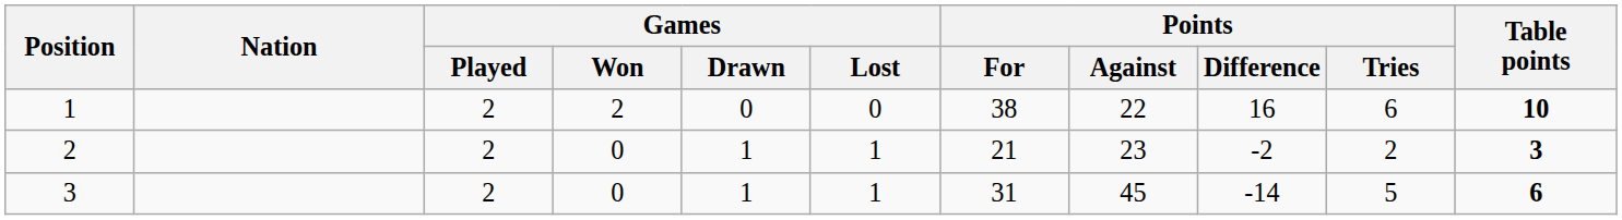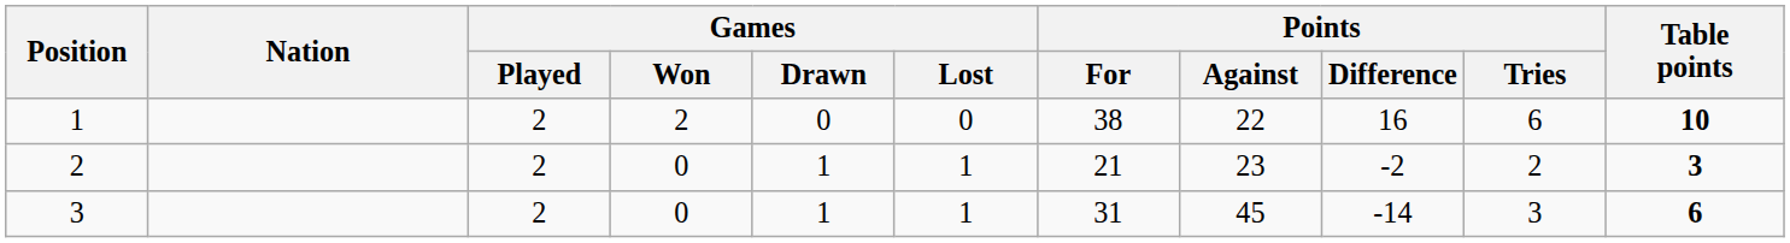 <table class="wikitable" style="text-align: center;">
 <tr>
 <th rowspan=2 width="8%">Position</th>
 <th rowspan=2 width="18%">Nation</th>
 <th colspan=4 width="32%">Games</th>
 <th colspan=4 width="32%">Points</th>
 <th rowspan=2 width="10%">Table<br>points</th>
 </tr>
 <tr>
 <th width="8%">Played</th>
 <th width="8%">Won</th>
 <th width="8%">Drawn</th>
 <th width="8%">Lost</th>
 <th width="8%">For</th>
 <th width="8%">Against</th>
 <th width="8%">Difference</th>
 <th width="8%">Tries</th>
 </tr>
 <tr>
 <td>1</td>
 <td align=left></td>
 <td>2</td>
 <td>2</td>
 <td>0</td>
 <td>0</td>
 <td>38</td>
 <td>22</td>
 <td>16</td>
 <td>6</td>
 <td><strong>10</strong></td>
 </tr>
 <tr>
 <td>2</td>
 <td align=left></td>
 <td>2</td>
 <td>0</td>
 <td>1</td>
 <td>1</td>
 <td>21</td>
 <td>23</td>
 <td>-2</td>
 <td>2</td>
 <td><strong>3</strong></td>
 </tr>
 <tr>
 <td>3</td>
 <td align=left></td>
 <td>2</td>
 <td>0</td>
 <td>1</td>
 <td>1</td>
 <td>31</td>
 <td>45</td>
 <td>-14</td>
-<td>5</td>
+<td>3</td>
 <td><strong>6</strong></td>
 </tr>
 </table>
